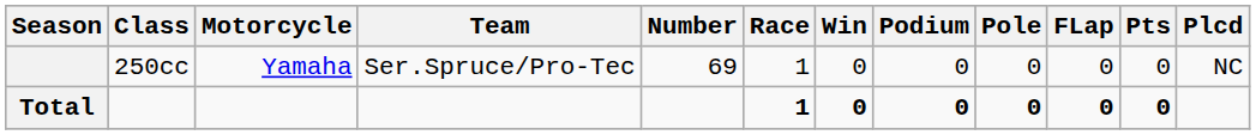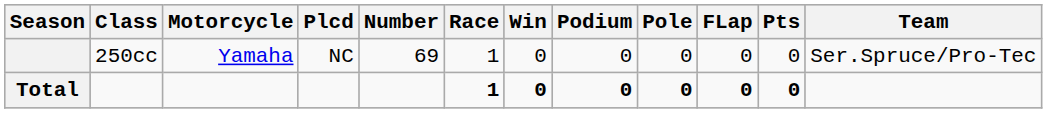 <table class="wikitable" style=text-align:right>
 <tr>
 <th>Season</th>
 <th>Class</th>
 <th>Motorcycle</th>
-<th>Team</th>
+<th>Plcd</th>
 <th>Number</th>
 <th>Race</th>
 <th>Win</th>
 <th>Podium</th>
 <th>Pole</th>
 <th>FLap</th>
 <th>Pts</th>
-<th>Plcd</th>
+<th>Team</th>
 </tr>
 <tr>
 <th></th>
 <td>250cc</td>
 <td><a href='#'>Yamaha</a></td>
-<td>Ser.Spruce/Pro-Tec</td>
+<td>NC</td>
 <td>69</td>
 <td>1</td>
 <td>0</td>
 <td>0</td>
 <td>0</td>
 <td>0</td>
 <td>0</td>
-<td>NC</td>
+<td>Ser.Spruce/Pro-Tec</td>
 </tr>
 <tr>
 <th>Total</th>
 <td></td>
 <td></td>
 <td></td>
 <td></td>
 <td><strong>1</strong></td>
 <td><strong>0</strong></td>
 <td><strong>0</strong></td>
 <td><strong>0</strong></td>
 <td><strong>0</strong></td>
 <td><strong>0</strong></td>
 <td></td>
 </tr>
 </table>
